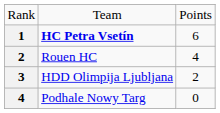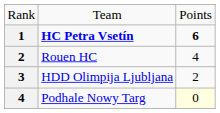 <table class="wikitable" style="text-align: center;">
 <tr>
 <td>Rank</td>
 <td>Team</td>
 <td>Points</td>
 </tr>
 <tr>
 <th>1</th>
 <td style="text-align: left;"> <strong><a href='#'>HC Petra Vsetín</a></strong></td>
-<td>6</td>
+<td><strong>6</strong></td>
 </tr>
 <tr>
 <th>2</th>
 <td style="text-align: left;"> <a href='#'>Rouen HC</a></td>
 <td>4</td>
 </tr>
 <tr>
 <th>3</th>
 <td style="text-align: left;"> <a href='#'>HDD Olimpija Ljubljana</a></td>
 <td>2</td>
 </tr>
 <tr>
 <th>4</th>
 <td style="text-align: left;"> <a href='#'>Podhale Nowy Targ</a></td>
-<td>0</td>
+<td style="background: lightyellow;">0</td>
 </tr>
 </table>
